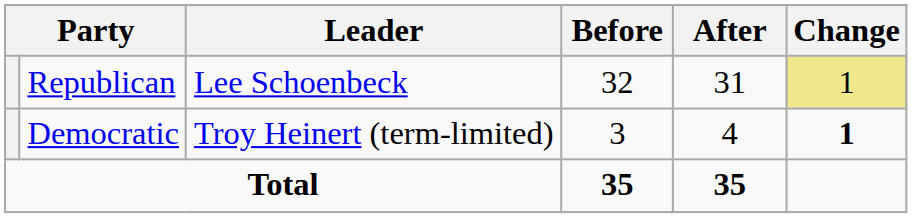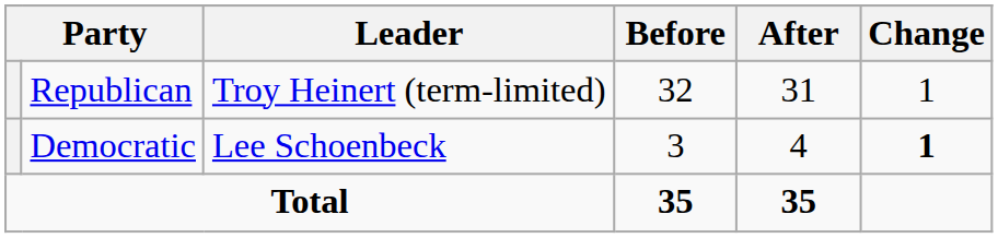 <table class="wikitable" style="text-align:center;">
 <tr>
 </tr>
 <tr>
 <th colspan=2>Party</th>
 <th>Leader</th>
 <th style="width:3em">Before</th>
 <th style="width:3em">After</th>
 <th style="width:3em">Change</th>
 </tr>
 <tr>
 <th style="background-color:"></th>
 <td style="text-align:left;"><a href='#'>Republican</a></td>
-<td style="text-align:left;"><a href='#'>Lee Schoenbeck</a></td>
+<td style="text-align:left;"><a href='#'>Troy Heinert</a> (term-limited)</td>
 <td>32</td>
 <td>31</td>
-<td style="background: khaki;"> 1</td>
+<td> 1</td>
 </tr>
 <tr>
 <th style="background-color:"></th>
 <td style="text-align:left;"><a href='#'>Democratic</a></td>
-<td style="text-align:left;"><a href='#'>Troy Heinert</a> (term-limited)</td>
+<td style="text-align:left;"><a href='#'>Lee Schoenbeck</a></td>
 <td>3</td>
 <td>4</td>
 <td><strong> 1</strong></td>
 </tr>
 <tr>
 <td colspan=3><strong>Total</strong></td>
 <td><strong>35</strong></td>
 <td><strong>35</strong></td>
 <td></td>
 </tr>
 </table>
